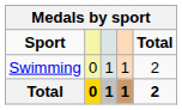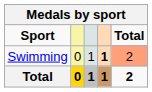 <table class="wikitable" style="font-size:85%;">
 <tr style="background:#efefef;">
 <th colspan=7><strong>Medals by sport</strong></th>
 </tr>
 <tr align=center>
 <td><strong>Sport</strong></td>
 <td style="background:#f7f6a8;"></td>
 <td style="background:#dce5e5;"></td>
 <td style="background:#ffdab9;"></td>
 <td><strong>Total</strong></td>
 </tr>
 <tr align=center>
 <td><a href='#'>Swimming</a></td>
 <td style="background:#f7f6a8;">0</td>
 <td style="background:#dce5e5;">1</td>
-<td style="background:#ffdab9;">1</td>
-<td>2</td>
+<td style="background:#ffdab9;"><strong>1</strong></td>
+<td style="background: lightsalmon;">2</td>
 </tr>
 <tr align=center>
 <th><strong>Total</strong></th>
 <td style="background:gold;"><strong>0</strong></td>
 <td style="background:silver;"><strong>1</strong></td>
 <td style="background:#c96;"><strong>1</strong></td>
 <td><strong>2</strong></td>
 </tr>
 </table>
